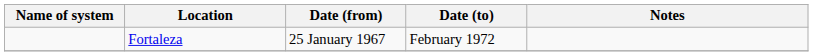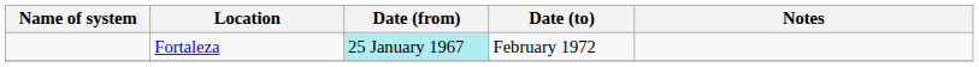 <table class="wikitable" width=100%>
 <tr>
 <th width=15%>Name of system</th>
 <th width=20%>Location</th>
 <th width=15%>Date (from)</th>
 <th width=15%>Date (to)</th>
 <th width=35%>Notes</th>
 </tr>
 <tr>
 <td> </td>
 <td><a href='#'>Fortaleza</a></td>
-<td>25 January 1967</td>
+<td style="background: paleturquoise;">25 January 1967</td>
 <td>February 1972</td>
 <td> </td>
 </tr>
 <tr>
 </tr>
 </table>
